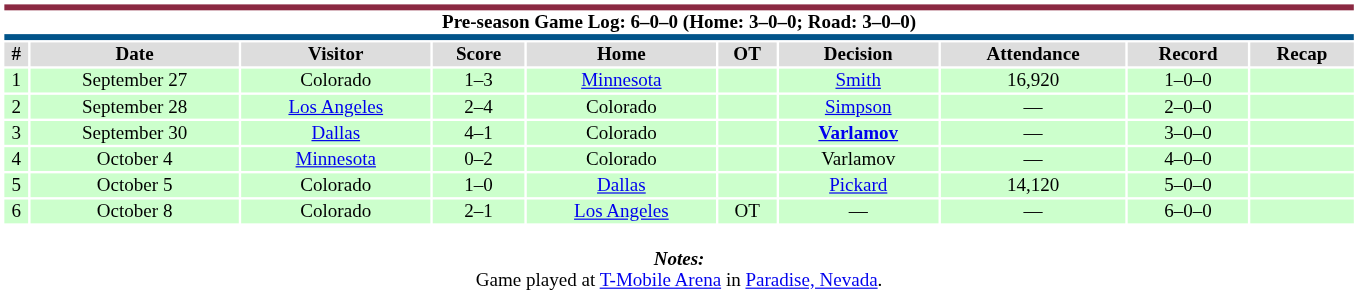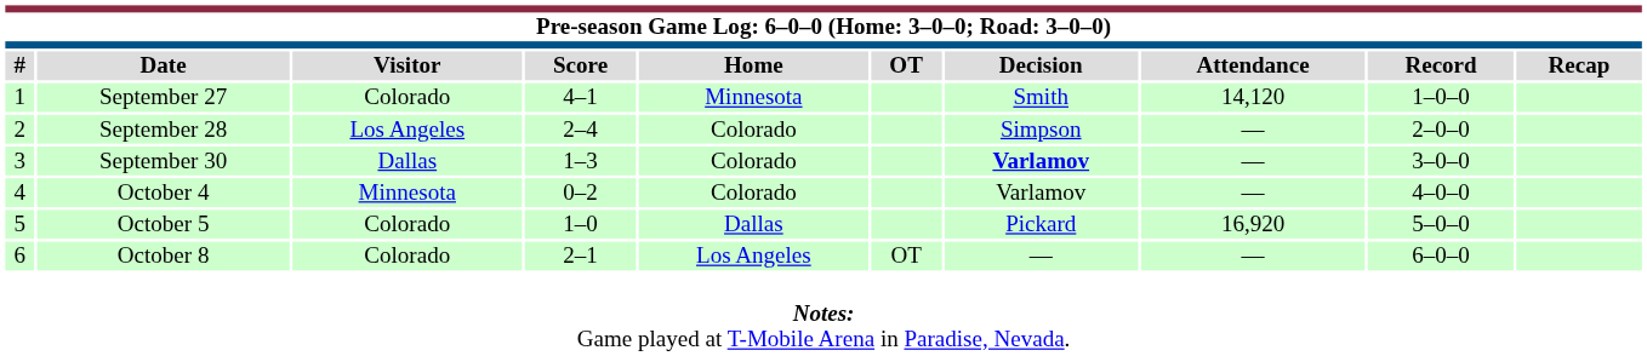 <table class="toccolours collapsible collapsed" style="width:90%; clear:both; margin:1.5em auto; text-align:center;">
 <tr>
 <th colspan=10 style="background:#fff; border-top:#8B2942 5px solid; border-bottom:#01548A 5px solid;">Pre-season Game Log: 6–0–0 (Home: 3–0–0; Road: 3–0–0)</th>
 </tr>
 <tr style="background:#ddd;">
 <th>#</th>
 <th>Date</th>
 <th>Visitor</th>
 <th>Score</th>
 <th>Home</th>
 <th>OT</th>
 <th>Decision</th>
 <th>Attendance</th>
 <th>Record</th>
 <th>Recap</th>
 </tr>
 <tr style="background:#cfc;">
 <td>1</td>
 <td>September 27</td>
 <td>Colorado</td>
-<td>1–3</td>
+<td>4–1</td>
 <td><a href='#'>Minnesota</a></td>
 <td></td>
 <td><a href='#'>Smith</a></td>
-<td>16,920</td>
+<td>14,120</td>
 <td>1–0–0</td>
 <td></td>
 </tr>
 <tr style="background:#cfc;">
 <td>2</td>
 <td>September 28</td>
 <td><a href='#'>Los Angeles</a></td>
 <td>2–4</td>
 <td>Colorado</td>
 <td></td>
 <td><a href='#'>Simpson</a></td>
 <td>—</td>
 <td>2–0–0</td>
 <td></td>
 </tr>
 <tr style="background:#cfc;">
 <td>3</td>
 <td>September 30</td>
 <td><a href='#'>Dallas</a></td>
-<td>4–1</td>
+<td>1–3</td>
 <td>Colorado</td>
 <td></td>
 <td><strong><a href='#'>Varlamov</a></strong></td>
 <td>—</td>
 <td>3–0–0</td>
 <td></td>
 </tr>
 <tr style="background:#cfc;">
 <td>4</td>
 <td>October 4</td>
 <td><a href='#'>Minnesota</a></td>
 <td>0–2</td>
 <td>Colorado</td>
 <td></td>
 <td>Varlamov</td>
 <td>—</td>
 <td>4–0–0</td>
 <td></td>
 </tr>
 <tr style="background:#cfc;">
 <td>5</td>
 <td>October 5</td>
 <td>Colorado</td>
 <td>1–0</td>
 <td><a href='#'>Dallas</a></td>
 <td></td>
 <td><a href='#'>Pickard</a></td>
-<td>14,120</td>
+<td>16,920</td>
 <td>5–0–0</td>
 <td></td>
 </tr>
 <tr style="background:#cfc;">
 <td>6</td>
 <td>October 8</td>
 <td>Colorado</td>
 <td>2–1</td>
 <td><a href='#'>Los Angeles</a></td>
 <td>OT</td>
 <td>—</td>
 <td>—</td>
 <td>6–0–0</td>
 <td></td>
 </tr>
 <tr>
 <td colspan="10" style="text-align:center;"><br><strong><em>Notes:</em></strong><br> Game played at <a href='#'>T-Mobile Arena</a> in <a href='#'>Paradise, Nevada</a>.</td>
 </tr>
 </table>
